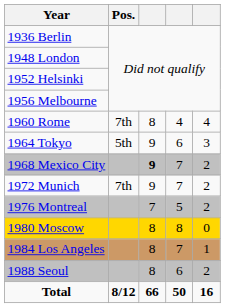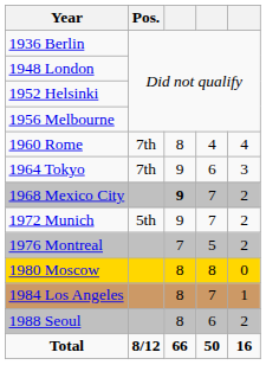 <table class="wikitable" style="text-align: center;">
 <tr>
 <th>Year</th>
 <th>Pos.</th>
 <th width=25px></th>
 <th width=25px></th>
 <th width=25px></th>
 </tr>
 <tr>
 <td style="text-align: left;"> <a href='#'>1936 Berlin</a></td>
 <td rowspan=4 colspan=4><em>Did not qualify</em></td>
 </tr>
 <tr>
 <td style="text-align: left;"> <a href='#'>1948 London</a></td>
 </tr>
 <tr>
 <td style="text-align: left;"> <a href='#'>1952 Helsinki</a></td>
 </tr>
 <tr>
 <td style="text-align: left;"> <a href='#'>1956 Melbourne</a></td>
 </tr>
 <tr>
 <td style="text-align: left;"> <a href='#'>1960 Rome</a></td>
 <td>7th</td>
 <td>8</td>
 <td>4</td>
 <td>4</td>
 </tr>
 <tr>
 <td style="text-align: left;"> <a href='#'>1964 Tokyo</a></td>
-<td>5th</td>
+<td>7th</td>
 <td>9</td>
 <td>6</td>
 <td>3</td>
 </tr>
 <tr style="background:silver">
 <td style="text-align: left;"> <a href='#'>1968 Mexico City</a></td>
 <td></td>
 <td><strong>9</strong></td>
 <td>7</td>
 <td>2</td>
 </tr>
 <tr>
 <td style="text-align: left;"> <a href='#'>1972 Munich</a></td>
-<td>7th</td>
+<td>5th</td>
 <td>9</td>
 <td>7</td>
 <td>2</td>
 </tr>
 <tr style="background:silver">
 <td style="text-align: left;"> <a href='#'>1976 Montreal</a></td>
 <td></td>
 <td>7</td>
 <td>5</td>
 <td>2</td>
 </tr>
 <tr style="background:gold">
 <td style="text-align: left;"> <a href='#'>1980 Moscow</a></td>
 <td></td>
 <td>8</td>
 <td>8</td>
 <td>0</td>
 </tr>
 <tr style="background:#c96;">
 <td style="text-align: left;"> <a href='#'>1984 Los Angeles</a></td>
 <td></td>
 <td>8</td>
 <td>7</td>
 <td>1</td>
 </tr>
 <tr style="background:silver">
 <td style="text-align: left;"> <a href='#'>1988 Seoul</a></td>
 <td></td>
 <td>8</td>
 <td>6</td>
 <td>2</td>
 </tr>
 <tr>
 <td><strong>Total</strong></td>
 <td><strong>8/12</strong></td>
 <td><strong>66</strong></td>
 <td><strong>50</strong></td>
 <td><strong>16</strong></td>
 </tr>
 </table>
